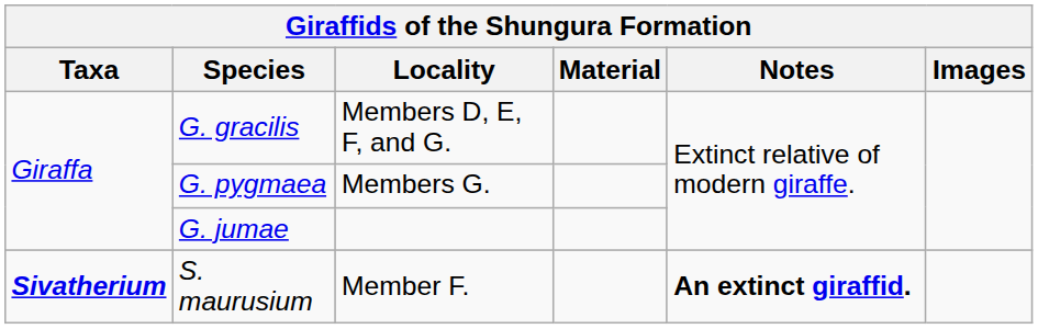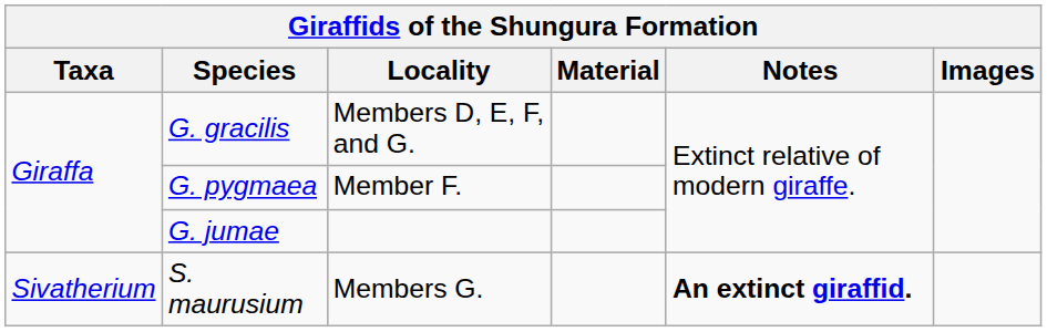 <table class="wikitable" align="center">
 <tr>
 <th colspan="7" align="center"><strong><a href='#'>Giraffids</a></strong> of the Shungura Formation</th>
 </tr>
 <tr>
 <th>Taxa</th>
 <th>Species</th>
 <th>Locality</th>
 <th>Material</th>
 <th>Notes</th>
 <th>Images</th>
 </tr>
 <tr>
 <td rowspan = "3"><em><a href='#'>Giraffa</a></em></td>
 <td><em><a href='#'>G. gracilis</a></em></td>
 <td>Members D, E, F, and G.</td>
 <td></td>
 <td rowspan = '3'>Extinct relative of modern <a href='#'>giraffe</a>.</td>
 <td rowspan = '3'></td>
 </tr>
 <tr>
 <td><em><a href='#'>G. pygmaea</a></em></td>
-<td>Members G.</td>
+<td>Member F.</td>
 <td></td>
 </tr>
 <tr>
 <td><em><a href='#'>G. jumae</a></em></td>
 <td></td>
 <td></td>
 </tr>
 <tr>
-<td><strong><em><a href='#'>Sivatherium</a></em></strong></td>
+<td><em><a href='#'>Sivatherium</a></em></td>
 <td><em>S. maurusium</em></td>
-<td>Member F.</td>
+<td>Members G.</td>
 <td></td>
 <td><strong>An extinct <a href='#'>giraffid</a>.</strong></td>
 <td></td>
 </tr>
 </table>
